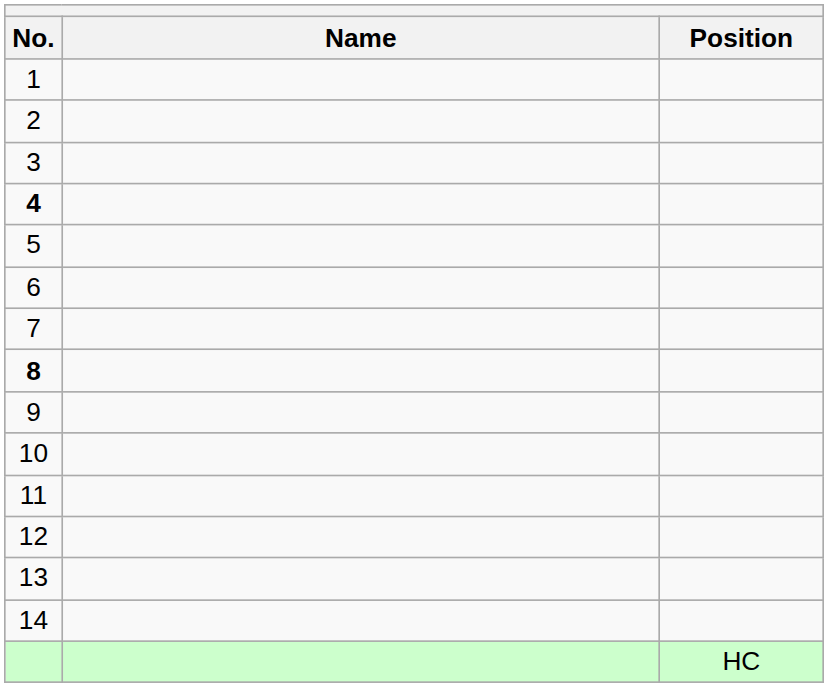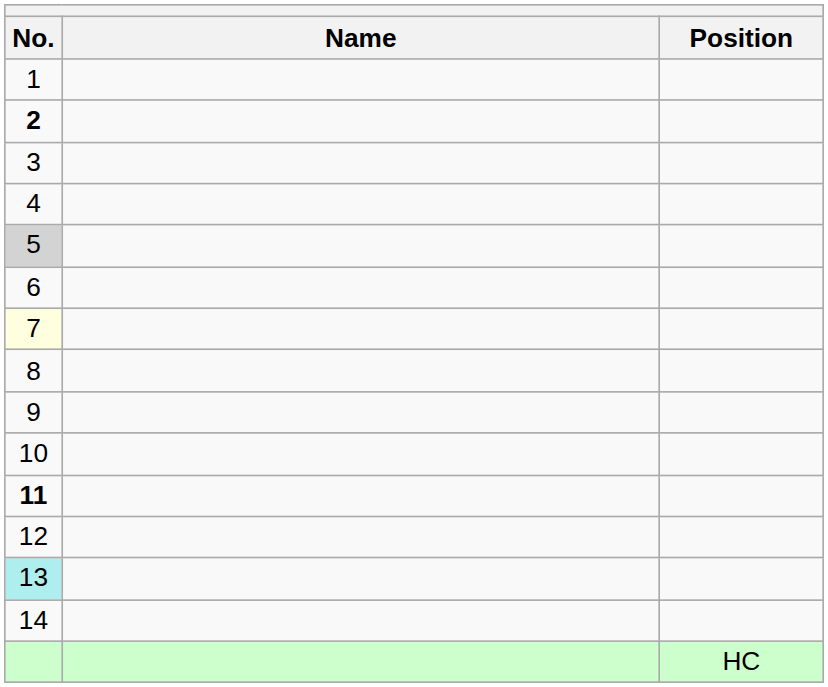 <table class="wikitable mw-collapsible mw-collapsed" style="text-align:center; width:500px; border:none">
 <tr>
 <th style="text-align:center" colspan="3"></th>
 </tr>
 <tr>
 <th style="width:7%">No.</th>
 <th>Name</th>
 <th style="width:20%">Position</th>
 </tr>
 <tr>
 <td>1</td>
 <td></td>
 <td></td>
 </tr>
 <tr>
-<td>2</td>
+<td><strong>2</strong></td>
 <td></td>
 <td></td>
 </tr>
 <tr>
 <td>3</td>
 <td></td>
 <td></td>
 </tr>
 <tr>
-<td><strong>4</strong></td>
+<td>4</td>
 <td></td>
 <td></td>
 </tr>
 <tr>
-<td>5</td>
+<td style="background: lightgrey;">5</td>
 <td></td>
 <td></td>
 </tr>
 <tr>
 <td>6</td>
 <td></td>
 <td></td>
 </tr>
 <tr>
-<td>7</td>
+<td style="background: lightyellow;">7</td>
 <td></td>
 <td></td>
 </tr>
 <tr>
-<td><strong>8</strong></td>
+<td>8</td>
 <td></td>
 <td></td>
 </tr>
 <tr>
 <td>9</td>
 <td></td>
 <td></td>
 </tr>
 <tr>
 <td>10</td>
 <td></td>
 <td></td>
 </tr>
 <tr>
-<td>11</td>
+<td><strong>11</strong></td>
 <td></td>
 <td></td>
 </tr>
 <tr>
 <td>12</td>
 <td></td>
 <td></td>
 </tr>
 <tr>
-<td>13</td>
+<td style="background: paleturquoise;">13</td>
 <td></td>
 <td></td>
 </tr>
 <tr>
 <td>14</td>
 <td></td>
 <td></td>
 </tr>
 <tr bgcolor=#CCFFCC>
 <td></td>
 <td></td>
 <td>HC</td>
 </tr>
 </table>
